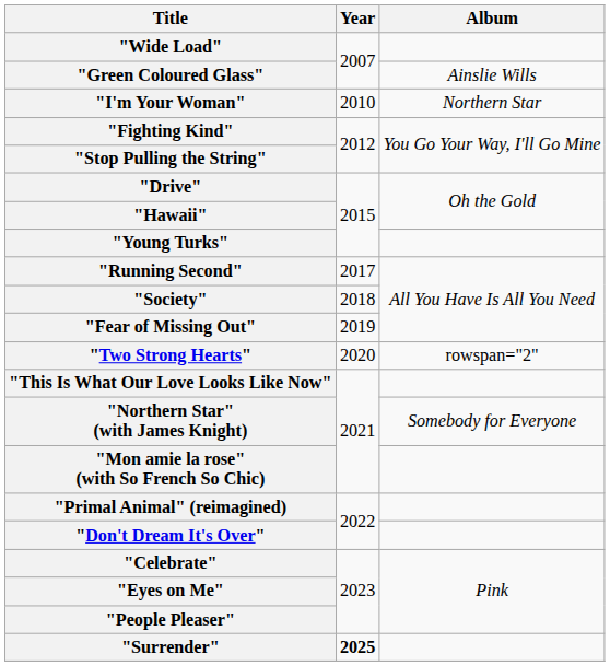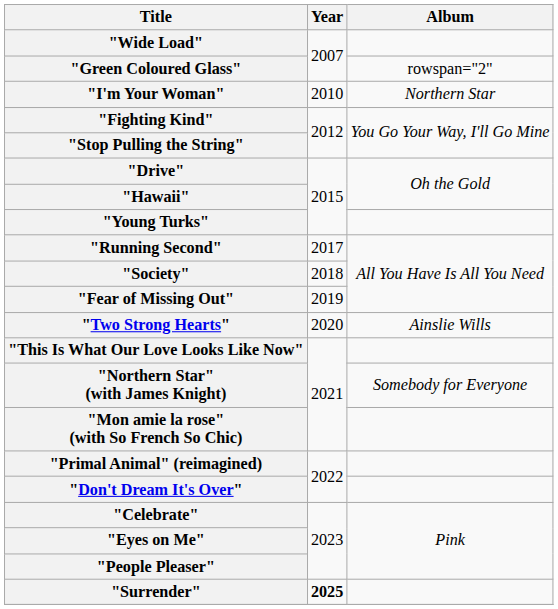 <table class="wikitable plainrowheaders" style="text-align:center;">
 <tr>
 <th>Title</th>
 <th>Year</th>
 <th>Album</th>
 </tr>
 <tr>
 <th scope="row">"Wide Load"</th>
 <td rowspan="2">2007</td>
 <td></td>
 </tr>
 <tr>
 <th scope="row">"Green Coloured Glass"</th>
-<td><em>Ainslie Wills</em></td>
+<td>rowspan="2" </td>
 </tr>
 <tr>
 <th scope="row">"I'm Your Woman"</th>
 <td>2010</td>
 <td><em>Northern Star</em></td>
 </tr>
 <tr>
 <th scope="row">"Fighting Kind"</th>
 <td rowspan="2">2012</td>
 <td rowspan="2"><em>You Go Your Way, I'll Go Mine</em></td>
 </tr>
 <tr>
 <th scope="row">"Stop Pulling the String"</th>
 </tr>
 <tr>
 <th scope="row">"Drive"</th>
 <td rowspan="3">2015</td>
 <td rowspan="2"><em>Oh the Gold</em></td>
 </tr>
 <tr>
 <th scope="row">"Hawaii"</th>
 </tr>
 <tr>
 <th scope="row">"Young Turks"</th>
 <td></td>
 </tr>
 <tr>
 <th scope="row">"Running Second"</th>
 <td>2017</td>
 <td rowspan="3"><em>All You Have Is All You Need</em></td>
 </tr>
 <tr>
 <th scope="row">"Society"</th>
 <td>2018</td>
 </tr>
 <tr>
 <th scope="row">"Fear of Missing Out"</th>
 <td>2019</td>
 </tr>
 <tr>
 <th scope="row">"<a href='#'>Two Strong Hearts</a>"</th>
 <td>2020</td>
-<td>rowspan="2" </td>
+<td><em>Ainslie Wills</em></td>
 </tr>
 <tr>
 <th scope="row">"This Is What Our Love Looks Like Now"</th>
 <td rowspan="3">2021</td>
 </tr>
 <tr>
 <th scope="row">"Northern Star"<br>(with James Knight)</th>
 <td><em>Somebody for Everyone</em></td>
 </tr>
 <tr>
 <th scope="row">"Mon amie la rose"<br>(with So French So Chic)</th>
 <td></td>
 </tr>
 <tr>
 <th scope="row">"Primal Animal" (reimagined)</th>
 <td rowspan="2">2022</td>
 <td></td>
 </tr>
 <tr>
 <th scope="row">"<a href='#'>Don't Dream It's Over</a>"</th>
 <td></td>
 </tr>
 <tr>
 <th scope="row">"Celebrate"</th>
 <td rowspan="3">2023</td>
 <td rowspan="3"><em>Pink</em></td>
 </tr>
 <tr>
 <th scope="row">"Eyes on Me"</th>
 </tr>
 <tr>
 <th scope="row">"People Pleaser"</th>
 </tr>
 <tr>
 <th scope="row">"Surrender"</th>
 <td rowspan="1"><strong>2025</strong></td>
 <td></td>
 </tr>
 <tr>
 </tr>
 </table>
